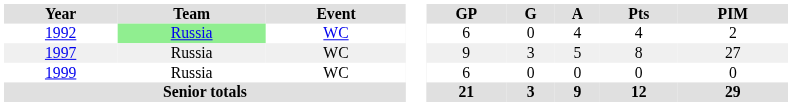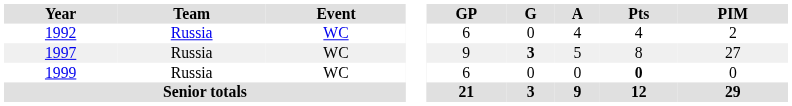 <table border="0" cellpadding="1" cellspacing="0" style="text-align:center; width:50em">
 <tr ALIGN="center" bgcolor="#e0e0e0">
 <th>Year</th>
 <th>Team</th>
 <th>Event</th>
 <th rowspan="99" bgcolor="#ffffff"> </th>
 <th>GP</th>
 <th>G</th>
 <th>A</th>
 <th>Pts</th>
 <th>PIM</th>
 </tr>
 <tr>
 <td><a href='#'>1992</a></td>
-<td style="background: lightgreen;"><a href='#'>Russia</a></td>
+<td><a href='#'>Russia</a></td>
 <td><a href='#'>WC</a></td>
 <td>6</td>
 <td>0</td>
 <td>4</td>
 <td>4</td>
 <td>2</td>
 </tr>
 <tr bgcolor="#f0f0f0">
 <td><a href='#'>1997</a></td>
 <td>Russia</td>
 <td>WC</td>
 <td>9</td>
-<td>3</td>
+<td><strong>3</strong></td>
 <td>5</td>
 <td>8</td>
 <td>27</td>
 </tr>
 <tr>
 <td><a href='#'>1999</a></td>
 <td>Russia</td>
 <td>WC</td>
 <td>6</td>
 <td>0</td>
 <td>0</td>
-<td>0</td>
+<td><strong>0</strong></td>
 <td>0</td>
 </tr>
 <tr bgcolor="#e0e0e0">
 <th colspan=3>Senior totals</th>
 <th>21</th>
 <th>3</th>
 <th>9</th>
 <th>12</th>
 <th>29</th>
 </tr>
 </table>
